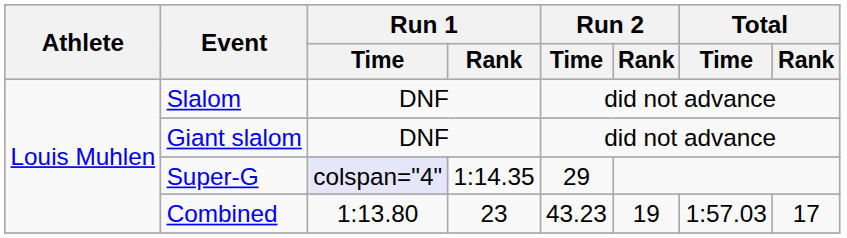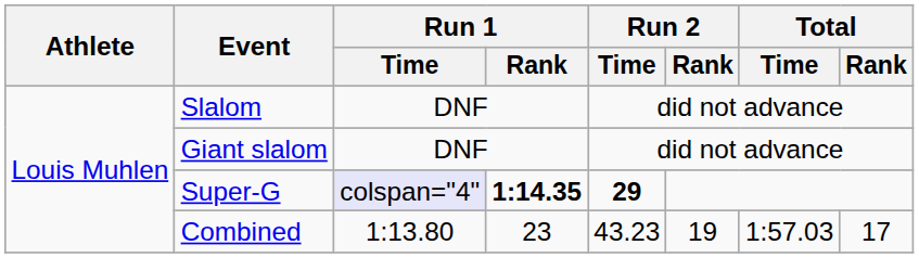 <table class="wikitable" style="font-size:90%">
 <tr>
 <th rowspan=2>Athlete</th>
 <th rowspan=2>Event</th>
 <th colspan=2>Run 1</th>
 <th colspan=2>Run 2</th>
 <th colspan=2>Total</th>
 </tr>
 <tr style="font-size:95%">
 <th>Time</th>
 <th>Rank</th>
 <th>Time</th>
 <th>Rank</th>
 <th>Time</th>
 <th>Rank</th>
 </tr>
 <tr align=center>
 <td align="left" rowspan="4"><a href='#'>Louis Muhlen</a></td>
 <td align="left"><a href='#'>Slalom</a></td>
 <td colspan=2>DNF</td>
 <td colspan=4>did not advance</td>
 </tr>
 <tr align=center>
 <td align="left"><a href='#'>Giant slalom</a></td>
 <td colspan=2>DNF</td>
 <td colspan=4>did not advance</td>
 </tr>
 <tr align=center>
 <td align="left"><a href='#'>Super-G</a></td>
 <td style="background: lavender;">colspan="4" </td>
-<td>1:14.35</td>
-<td>29</td>
+<td><strong>1:14.35</strong></td>
+<td><strong>29</strong></td>
 </tr>
 <tr align=center>
 <td align="left"><a href='#'>Combined</a></td>
 <td>1:13.80</td>
 <td>23</td>
 <td>43.23</td>
 <td>19</td>
 <td>1:57.03</td>
 <td>17</td>
 </tr>
 </table>
